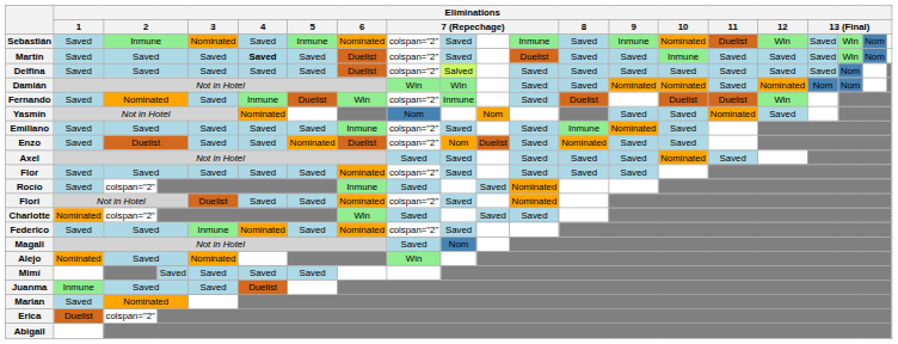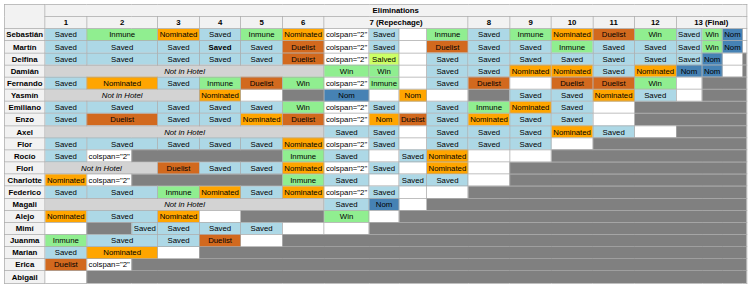 <table border="0" style="background:#ffffff; text-align:center; font-size:65%; width:100%; align="top" class="wikitable">
 <tr>
 <th rowspan=2 style="width:5%"></th>
 <th colspan="21">Eliminations</th>
 </tr>
 <tr>
 <th style="width:3%">1</th>
 <th style="width:3%" colspan="2">2</th>
 <th style="width:3%">3</th>
 <th style="width:3%">4</th>
 <th style="width:3%">5</th>
 <th style="width:3%">6</th>
 <th style="width:3%" colspan="4">7 (Repechage)</th>
 <th style="width:3%">8</th>
 <th style="width:3%">9</th>
 <th style="width:3%">10</th>
 <th style="width:3%">11</th>
 <th style="width:3%">12</th>
 <th style="width:9%" colspan="5">13 (Final)</th>
 </tr>
 <tr>
 <th>Sebastián</th>
 <td style="background: lightblue">Saved</td>
 <td colspan="2" style="background: LightGreen">Inmune</td>
 <td style="background: orange">Nominated</td>
 <td style="background: lightblue">Saved</td>
 <td style="background: LightGreen">Inmune</td>
 <td style="background: orange">Nominated</td>
 <td>colspan="2" </td>
 <td style="background: lightblue">Saved</td>
 <td></td>
 <td style="background: LightGreen">Inmune</td>
 <td style="background: lightblue">Saved</td>
 <td style="background: LightGreen">Inmune</td>
 <td style="background: orange">Nominated</td>
 <td style="background: Chocolate">Duelist</td>
 <td style="background: LightGreen">Win</td>
 <td style="background: lightblue">Saved</td>
 <td style="background: LightGreen">Win</td>
 <td style="background:steelblue">Nom</td>
 <td></td>
 </tr>
 <tr>
 <th>Martín</th>
 <td style="background: lightblue">Saved</td>
 <td colspan="2" style="background: lightblue">Saved</td>
 <td style="background: lightblue">Saved</td>
 <td style="background: lightblue"><strong>Saved</strong></td>
 <td style="background: lightblue">Saved</td>
 <td style="background: chocolate">Duelist</td>
 <td>colspan="2" </td>
 <td style="background: lightblue">Saved</td>
 <td></td>
 <td style="background: chocolate">Duelist</td>
 <td style="background: lightblue">Saved</td>
 <td style="background: lightblue">Saved</td>
 <td style="background: LightGreen">Inmune</td>
 <td style="background: lightblue">Saved</td>
 <td style="background: lightblue">Saved</td>
 <td style="background: lightblue">Saved</td>
 <td style="background: LightGreen">Win</td>
 <td style="background:steelblue">Nom</td>
 <td></td>
 </tr>
 <tr>
 <th>Delfina</th>
 <td style="background: lightblue">Saved</td>
 <td colspan="2" style="background: lightblue">Saved</td>
 <td style="background: lightblue">Saved</td>
 <td style="background: lightblue">Saved</td>
 <td style="background: lightblue">Saved</td>
 <td style="background: Chocolate">Duelist</td>
 <td>colspan="2" </td>
 <td style="background:#ccff66">Salved</td>
 <td></td>
 <td style="background: lightblue">Saved</td>
 <td style="background: lightblue">Saved</td>
 <td style="background: lightblue">Saved</td>
 <td style="background: lightblue">Saved</td>
 <td style="background: lightblue">Saved</td>
 <td style="background: lightblue">Saved</td>
 <td style="background: lightblue">Saved</td>
 <td style="background:steelblue">Nom</td>
 <td></td>
 <td style="background:grey"></td>
 </tr>
 <tr>
 <th>Damián</th>
 <td colspan="7" bgcolor=lightgray><em>Not in Hotel</em></td>
 <td style="background: lightgreen">Win</td>
 <td style="background: lightgreen">Win</td>
 <td></td>
 <td style="background: lightblue">Saved</td>
 <td style="background: lightblue">Saved</td>
 <td style="background: orange">Nominated</td>
 <td style="background: orange">Nominated</td>
 <td style="background: lightblue">Saved</td>
 <td style="background: orange">Nominated</td>
 <td style="background:steelblue">Nom</td>
 <td style="background:steelblue">Nom</td>
 <td></td>
 <td colspan="2" style="background:grey"></td>
 </tr>
 <tr>
 <th>Fernando</th>
 <td style="background: lightblue">Saved</td>
 <td colspan="2" style="background: orange">Nominated</td>
 <td style="background: lightblue">Saved</td>
 <td style="background: lightgreen">Inmune</td>
 <td style="background: Chocolate">Duelist</td>
 <td style="background: lightgreen">Win</td>
 <td>colspan="2" </td>
 <td style="background: LightGreen">Inmune</td>
 <td></td>
 <td style="background: lightblue">Saved</td>
 <td style="background: chocolate">Duelist</td>
 <td></td>
 <td style="background: chocolate">Duelist</td>
 <td style="background: Chocolate">Duelist</td>
 <td style="background: LightGreen">Win</td>
 <td></td>
 <td colspan="3" style="background:grey"></td>
 </tr>
 <tr>
 <th>Yasmín</th>
 <td colspan="4" bgcolor=lightgray><em>Not in Hotel</em></td>
 <td style="background: orange">Nominated</td>
 <td></td>
 <td style="background:grey"></td>
 <td style="background:steelblue">Nom</td>
 <td></td>
 <td style="background: orange">Nom</td>
 <td></td>
 <td style="background:grey"></td>
 <td style="background: lightblue">Saved</td>
 <td style="background: lightblue">Saved</td>
 <td style="background: orange">Nominated</td>
 <td style="background: lightblue">Saved</td>
 <td></td>
 <td colspan="4" style="background:grey"></td>
 </tr>
 <tr>
 <th>Emiliano</th>
 <td style="background: lightblue">Saved</td>
 <td colspan="2" style="background: lightblue">Saved</td>
 <td style="background: lightblue">Saved</td>
 <td style="background: lightblue">Saved</td>
 <td style="background: lightblue">Saved</td>
-<td style="background: LightGreen">Inmune</td>
+<td style="background: lightgreen">Win</td>
 <td>colspan="2" </td>
 <td style="background: lightblue">Saved</td>
 <td></td>
 <td style="background: lightblue">Saved</td>
 <td style="background: LightGreen">Inmune</td>
 <td style="background: orange">Nominated</td>
 <td style="background: lightblue">Saved</td>
 <td></td>
 <td colspan="5" style="background:grey"></td>
 </tr>
 <tr>
 <th>Enzo</th>
 <td style="background: lightblue">Saved</td>
 <td colspan="2" style="background: Chocolate">Duelist</td>
 <td style="background: lightblue">Saved</td>
 <td style="background: lightblue">Saved</td>
 <td style="background: orange">Nominated</td>
 <td style="background: chocolate">Duelist</td>
 <td>colspan="2" </td>
 <td style="background: orange">Nom</td>
 <td style="background: chocolate">Duelist</td>
 <td style="background: lightblue">Saved</td>
 <td style="background: orange">Nominated</td>
 <td style="background: lightblue">Saved</td>
 <td style="background: lightblue">Saved</td>
 <td></td>
 <td colspan="5" style="background:grey"></td>
 </tr>
 <tr>
 <th>Axel</th>
 <td colspan="7" bgcolor=lightgray><em>Not in Hotel</em></td>
 <td style="background: lightblue">Saved</td>
 <td style="background: lightblue">Saved</td>
 <td></td>
 <td style="background: lightblue">Saved</td>
 <td style="background: lightblue">Saved</td>
 <td style="background: lightblue">Saved</td>
 <td style="background: orange">Nominated</td>
 <td style="background: lightblue">Saved</td>
 <td></td>
 <td colspan="5" style="background:grey"></td>
 </tr>
 <tr>
 <th>Flor</th>
 <td style="background: lightblue">Saved</td>
 <td colspan="2" style="background: lightblue">Saved</td>
 <td style="background: lightblue">Saved</td>
 <td style="background: lightblue">Saved</td>
 <td style="background: lightblue">Saved</td>
 <td style="background: orange">Nominated</td>
 <td>colspan="2" </td>
 <td style="background: lightblue">Saved</td>
 <td></td>
 <td style="background: lightblue">Saved</td>
 <td style="background: lightblue">Saved</td>
 <td style="background: lightblue">Saved</td>
 <td></td>
 <td colspan="6" style="background:grey"></td>
 </tr>
 <tr>
 <th>Rocío</th>
 <td style="background: lightblue">Saved</td>
 <td>colspan="2" </td>
 <td colspan="4" style="background:grey"></td>
 <td style="background: LightGreen">Inmune</td>
 <td style="background: lightblue">Saved</td>
 <td></td>
 <td style="background: lightblue">Saved</td>
 <td style="background: orange">Nominated</td>
 <td></td>
 <td></td>
 <td colspan="7" style="background:grey"></td>
 </tr>
 <tr>
 <th>Flori</th>
 <td colspan="3" bgcolor=lightgray><em>Not in Hotel</em></td>
 <td style="background: Chocolate">Duelist</td>
 <td style="background: lightblue">Saved</td>
 <td style="background: lightblue">Saved</td>
 <td style="background: orange">Nominated</td>
 <td>colspan="2" </td>
 <td style="background: lightblue">Saved</td>
 <td></td>
 <td style="background: orange">Nominated</td>
 <td></td>
 <td colspan="8" style="background:grey"></td>
 </tr>
 <tr>
 <th>Charlotte</th>
 <td style="background: orange">Nominated</td>
 <td>colspan="2" </td>
 <td colspan="4" style="background:grey"></td>
-<td style="background: lightgreen">Win</td>
+<td style="background: LightGreen">Inmune</td>
 <td style="background: lightblue">Saved</td>
 <td></td>
 <td style="background: lightblue">Saved</td>
 <td style="background: lightblue">Saved</td>
 <td></td>
 <td colspan="8" style="background:grey"></td>
 </tr>
 <tr>
 <th>Federico</th>
 <td style="background: lightblue">Saved</td>
 <td colspan="2" style="background: lightblue">Saved</td>
 <td style="background: lightgreen">Inmune</td>
 <td style="background: orange">Nominated</td>
 <td style="background: lightblue">Saved</td>
 <td style="background: orange">Nominated</td>
 <td>colspan="2" </td>
 <td style="background: lightblue">Saved</td>
 <td></td>
 <td></td>
 <td colspan="9" style="background:grey"></td>
 </tr>
 <tr>
 <th>Magali</th>
 <td colspan="7" bgcolor=lightgray><em>Not in Hotel</em></td>
 <td style="background: lightblue">Saved</td>
 <td style="background:steelblue">Nom</td>
 <td></td>
 <td colspan="11" style="background:grey"></td>
 </tr>
 <tr>
 <th>Alejo</th>
 <td style="background: orange">Nominated</td>
 <td colspan="2" style="background: lightblue">Saved</td>
 <td style="background: orange">Nominated</td>
 <td></td>
 <td colspan="2" style="background:grey"></td>
 <td style="background: lightgreen">Win</td>
 <td></td>
 <td colspan="12" style="background:grey"></td>
 </tr>
 <tr>
 <th>Mimí</th>
 <td></td>
 <td style="background:grey"></td>
 <td style="background: lightblue">Saved</td>
 <td style="background: lightblue">Saved</td>
 <td style="background: lightblue">Saved</td>
 <td style="background: lightblue">Saved</td>
 <td></td>
 <td></td>
 <td colspan="13" style="background:grey"></td>
 </tr>
 <tr>
 <th>Juanma</th>
 <td style="background: lightgreen">Inmune</td>
 <td colspan="2" style="background: lightblue">Saved</td>
 <td style="background: lightblue">Saved</td>
 <td style="background: Chocolate">Duelist</td>
 <td></td>
 <td colspan="15" style="background:grey"></td>
 </tr>
 <tr>
 <th>Marian</th>
 <td style="background: lightblue">Saved</td>
 <td colspan="2" style="background: orange">Nominated</td>
 <td></td>
 <td colspan="17" style="background:grey"></td>
 </tr>
 <tr>
 <th>Erica</th>
 <td style="background: Chocolate">Duelist</td>
 <td>colspan="2" </td>
 <td colspan="18" style="background:grey"></td>
 </tr>
 <tr>
 <th>Abigail</th>
 <td></td>
 <td colspan="20" style="background:grey"></td>
 </tr>
 </table>
